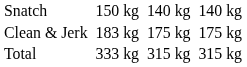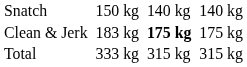 <table>
 <tr>
 <td>Snatch</td>
 <td></td>
 <td>150 kg</td>
 <td></td>
 <td>140 kg</td>
 <td></td>
 <td>140 kg</td>
 </tr>
 <tr>
 <td>Clean & Jerk</td>
 <td></td>
 <td>183 kg</td>
 <td></td>
-<td>175 kg</td>
+<td><strong>175 kg</strong></td>
 <td></td>
 <td>175 kg</td>
 </tr>
 <tr>
 <td>Total</td>
 <td></td>
 <td>333 kg</td>
 <td></td>
 <td>315 kg</td>
 <td></td>
 <td>315 kg</td>
 </tr>
 </table>
